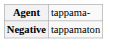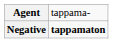 <table border="1" class="wikitable">
 <tr>
 <th>Agent</th>
 <td>tappama-</td>
 </tr>
 <tr>
 <th>Negative</th>
-<td>tappamaton</td>
+<td><strong>tappamaton</strong></td>
 </tr>
 </table>
